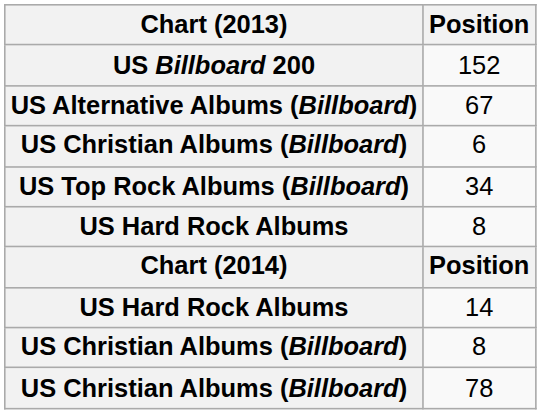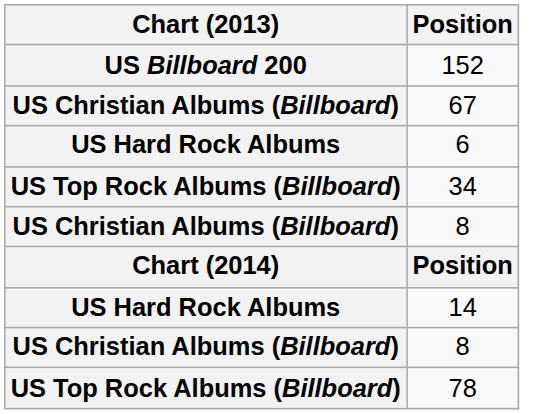 <table class="wikitable sortable plainrowheaders" style="text-align:center">
 <tr>
 <th scope="col">Chart (2013)</th>
 <th scope="col">Position</th>
 </tr>
 <tr>
 <th scope="row">US <em>Billboard</em> 200</th>
 <td style="text-align:center;">152</td>
 </tr>
 <tr>
-<th scope="row">US Alternative Albums (<em>Billboard</em>)</th>
+<th scope="row">US Christian Albums (<em>Billboard</em>)</th>
 <td style="text-align:center;">67</td>
 </tr>
 <tr>
-<th scope="row">US Christian Albums (<em>Billboard</em>)</th>
+<th scope="row">US Hard Rock Albums</th>
 <td style="text-align:center;">6</td>
 </tr>
 <tr>
 <th scope="row">US Top Rock Albums (<em>Billboard</em>)</th>
 <td style="text-align:center;">34</td>
 </tr>
 <tr>
-<th scope="row">US Hard Rock Albums</th>
+<th scope="row">US Christian Albums (<em>Billboard</em>)</th>
 <td style="text-align:center;">8</td>
 </tr>
 <tr>
 <th scope="col">Chart (2014)</th>
 <th scope="col">Position</th>
 </tr>
 <tr>
 <th scope="row">US Hard Rock Albums</th>
 <td style="text-align:center;">14</td>
 </tr>
 <tr>
 <th scope="row">US Christian Albums (<em>Billboard</em>)</th>
 <td style="text-align:center;">8</td>
 </tr>
 <tr>
-<th scope="row">US Christian Albums (<em>Billboard</em>)</th>
+<th scope="row">US Top Rock Albums (<em>Billboard</em>)</th>
 <td style="text-align:center;">78</td>
 </tr>
 </table>
